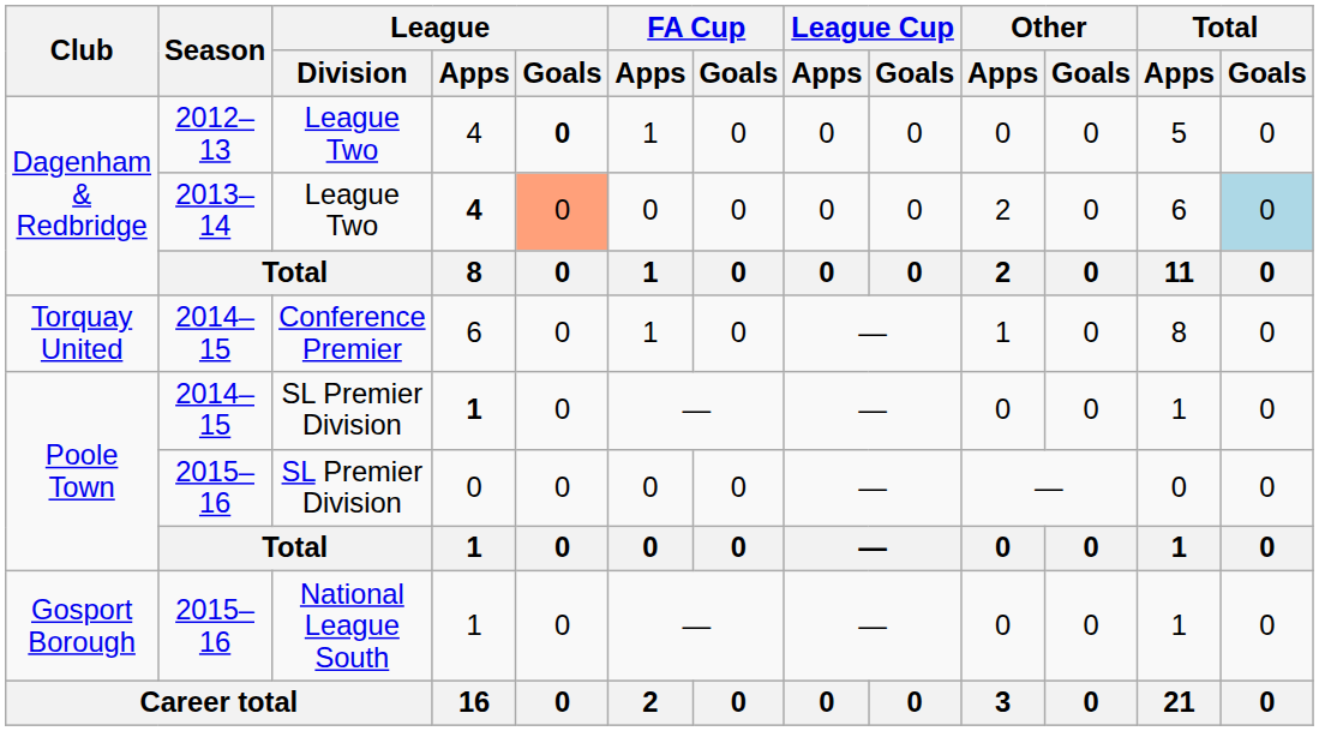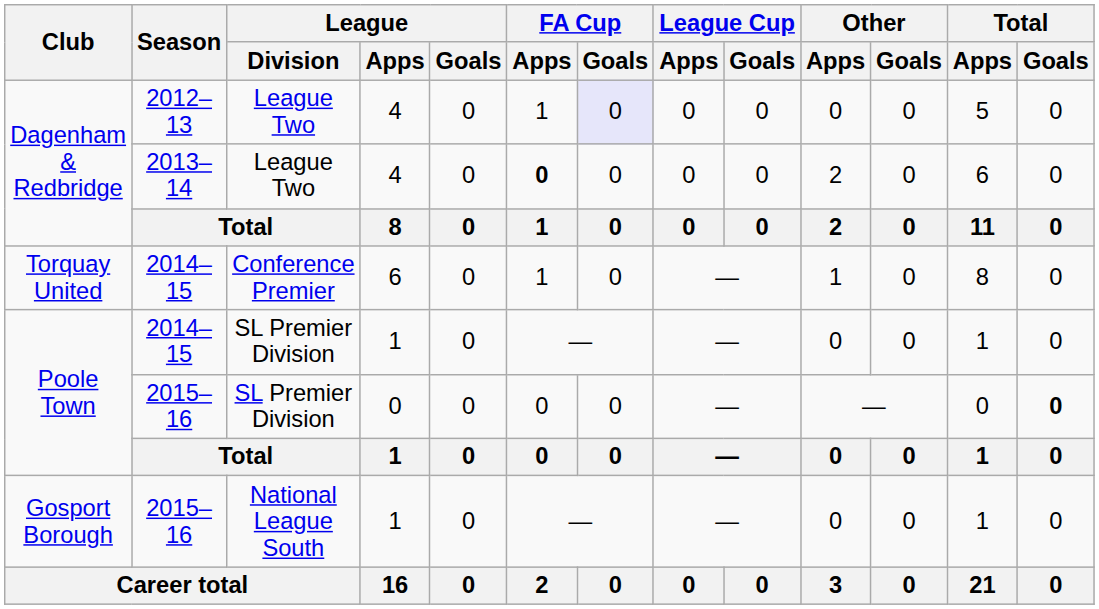 <table class="wikitable" style="text-align: center;">
 <tr>
 <th rowspan="2">Club</th>
 <th rowspan="2">Season</th>
 <th colspan="3">League</th>
 <th colspan="2"><a href='#'>FA Cup</a></th>
 <th colspan="2"><a href='#'>League Cup</a></th>
 <th colspan="2">Other</th>
 <th colspan="2">Total</th>
 </tr>
 <tr>
 <th>Division</th>
 <th>Apps</th>
 <th>Goals</th>
 <th>Apps</th>
 <th>Goals</th>
 <th>Apps</th>
 <th>Goals</th>
 <th>Apps</th>
 <th>Goals</th>
 <th>Apps</th>
 <th>Goals</th>
 </tr>
 <tr>
 <td rowspan="3" valign="center"><a href='#'>Dagenham & Redbridge</a></td>
 <td><a href='#'>2012–13</a></td>
 <td><a href='#'>League Two</a></td>
 <td>4</td>
-<td><strong>0</strong></td>
+<td>0</td>
 <td>1</td>
-<td>0</td>
+<td style="background: lavender;">0</td>
 <td>0</td>
 <td>0</td>
 <td>0</td>
 <td>0</td>
 <td>5</td>
 <td>0</td>
 </tr>
 <tr>
 <td><a href='#'>2013–14</a></td>
 <td>League Two</td>
-<td><strong>4</strong></td>
-<td style="background: lightsalmon;">0</td>
+<td>4</td>
 <td>0</td>
+<td><strong>0</strong></td>
 <td>0</td>
 <td>0</td>
 <td>0</td>
 <td>2</td>
 <td>0</td>
 <td>6</td>
-<td style="background: lightblue;">0</td>
+<td>0</td>
 </tr>
 <tr>
 <th colspan="2">Total</th>
 <th>8</th>
 <th>0</th>
 <th>1</th>
 <th>0</th>
 <th>0</th>
 <th>0</th>
 <th>2</th>
 <th>0</th>
 <th>11</th>
 <th>0</th>
 </tr>
 <tr>
 <td><a href='#'>Torquay United</a></td>
 <td><a href='#'>2014–15</a></td>
 <td><a href='#'>Conference Premier</a></td>
 <td>6</td>
 <td>0</td>
 <td>1</td>
 <td>0</td>
 <td colspan=2>—</td>
 <td>1</td>
 <td>0</td>
 <td>8</td>
 <td>0</td>
 </tr>
 <tr>
 <td rowspan="3" valign="center"><a href='#'>Poole Town</a></td>
 <td><a href='#'>2014–15</a></td>
 <td>SL Premier Division</td>
-<td><strong>1</strong></td>
+<td>1</td>
 <td>0</td>
 <td colspan=2>—</td>
 <td colspan=2>—</td>
 <td>0</td>
 <td>0</td>
 <td>1</td>
 <td>0</td>
 </tr>
 <tr>
 <td><a href='#'>2015–16</a></td>
 <td><a href='#'>SL</a> Premier Division</td>
 <td>0</td>
 <td>0</td>
 <td>0</td>
 <td>0</td>
 <td colspan=2>—</td>
 <td colspan=2>—</td>
 <td>0</td>
-<td>0</td>
+<td><strong>0</strong></td>
 </tr>
 <tr>
 <th colspan="2">Total</th>
 <th>1</th>
 <th>0</th>
 <th>0</th>
 <th>0</th>
 <th colspan=2>—</th>
 <th>0</th>
 <th>0</th>
 <th>1</th>
 <th>0</th>
 </tr>
 <tr>
 <td><a href='#'>Gosport Borough</a></td>
 <td><a href='#'>2015–16</a></td>
 <td><a href='#'>National League South</a></td>
 <td>1</td>
 <td>0</td>
 <td colspan=2>—</td>
 <td colspan=2>—</td>
 <td>0</td>
 <td>0</td>
 <td>1</td>
 <td>0</td>
 </tr>
 <tr>
 <th colspan="3">Career total</th>
 <th>16</th>
 <th>0</th>
 <th>2</th>
 <th>0</th>
 <th>0</th>
 <th>0</th>
 <th>3</th>
 <th>0</th>
 <th>21</th>
 <th>0</th>
 </tr>
 </table>
